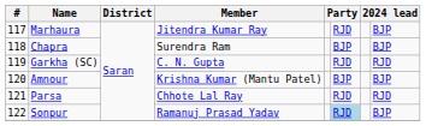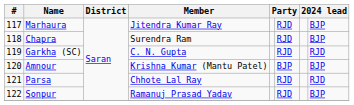 <table class="wikitable">
 <tr>
 <th>#</th>
 <th>Name</th>
 <th>District</th>
 <th>Member</th>
 <th colspan="2">Party</th>
 <th colspan="2">2024 lead</th>
 </tr>
 <tr>
 <td>117</td>
 <td><a href='#'>Marhaura</a></td>
 <td rowspan="6"><a href='#'>Saran</a></td>
 <td><a href='#'>Jitendra Kumar Ray</a></td>
 <td style="background-color: "></td>
 <td><a href='#'>RJD</a></td>
 <td style="background-color: "></td>
 <td><a href='#'>BJP</a></td>
 </tr>
 <tr>
 <td>118</td>
 <td><a href='#'>Chapra</a></td>
 <td>Surendra Ram</td>
 <td style="background-color: "></td>
-<td><a href='#'>BJP</a></td>
+<td><a href='#'>RJD</a></td>
 <td style="background-color: "></td>
 <td><a href='#'>BJP</a></td>
 </tr>
 <tr>
 <td>119</td>
 <td><a href='#'>Garkha</a> (SC)</td>
 <td><a href='#'>C. N. Gupta</a></td>
 <td style="background-color: "></td>
 <td><a href='#'>RJD</a></td>
 <td style="background-color: "></td>
 <td><a href='#'>RJD</a></td>
 </tr>
 <tr>
 <td>120</td>
 <td><a href='#'>Amnour</a></td>
 <td><a href='#'>Krishna Kumar</a> (Mantu Patel)</td>
 <td style="background-color: "></td>
 <td><a href='#'>BJP</a></td>
 <td style="background-color: "></td>
 <td><a href='#'>BJP</a></td>
 </tr>
 <tr>
 <td>121</td>
 <td><a href='#'>Parsa</a></td>
 <td><a href='#'>Chhote Lal Ray</a></td>
 <td style="background-color: "></td>
 <td><a href='#'>RJD</a></td>
 <td style="background-color: "></td>
 <td><a href='#'>RJD</a></td>
 </tr>
 <tr>
 <td>122</td>
 <td><a href='#'>Sonpur</a></td>
 <td><a href='#'>Ramanuj Prasad Yadav</a></td>
 <td style="background-color: "></td>
-<td style="background: lightblue;"><a href='#'>RJD</a></td>
+<td><a href='#'>RJD</a></td>
 <td style="background-color: "></td>
 <td><a href='#'>BJP</a></td>
 </tr>
 <tr>
 </tr>
 </table>
